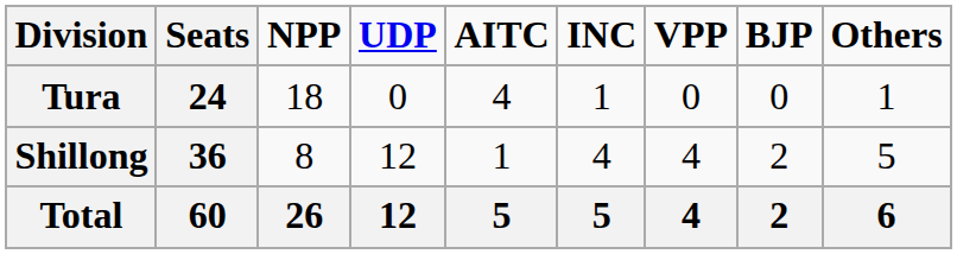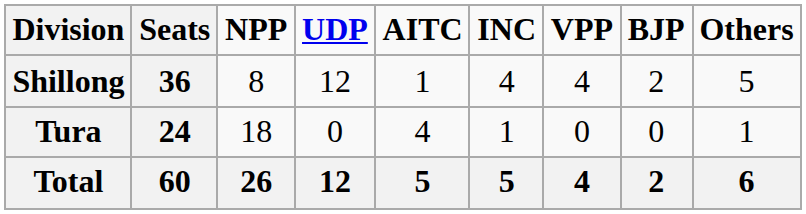 <table class="wikitable sortable" style="text-align:center;">
 <tr>
 <th>Division</th>
 <th>Seats</th>
 <td><span><strong>NPP</strong></span></td>
 <td><a href='#'><span><strong>UDP</strong></span></a></td>
 <td><span><strong>AITC</strong></span></td>
 <td><span><strong>INC</strong></span></td>
 <td><span><strong>VPP</strong></span></td>
 <td><span><strong>BJP</strong></span></td>
 <td><span><strong>Others</strong></span></td>
 </tr>
 <tr>
+<th>Shillong</th>
+<th>36</th>
+<td>8</td>
+<td style="background:">12</td>
+<td>1</td>
+<td>4</td>
+<td>4</td>
+<td>2</td>
+<td>5</td>
+</tr>
+<tr>
 <th>Tura</th>
 <th>24</th>
 <td style="background:">18</td>
 <td>0</td>
 <td>4</td>
 <td>1</td>
 <td>0</td>
 <td>0</td>
 <td>1</td>
-</tr>
-<tr>
-<th>Shillong</th>
-<th>36</th>
-<td>8</td>
-<td style="background:">12</td>
-<td>1</td>
-<td>4</td>
-<td>4</td>
-<td>2</td>
-<td>5</td>
 </tr>
 <tr>
 <th>Total</th>
 <th>60</th>
 <th>26</th>
 <th>12</th>
 <th>5</th>
 <th>5</th>
 <th>4</th>
 <th>2</th>
 <th>6</th>
 </tr>
 </table>
